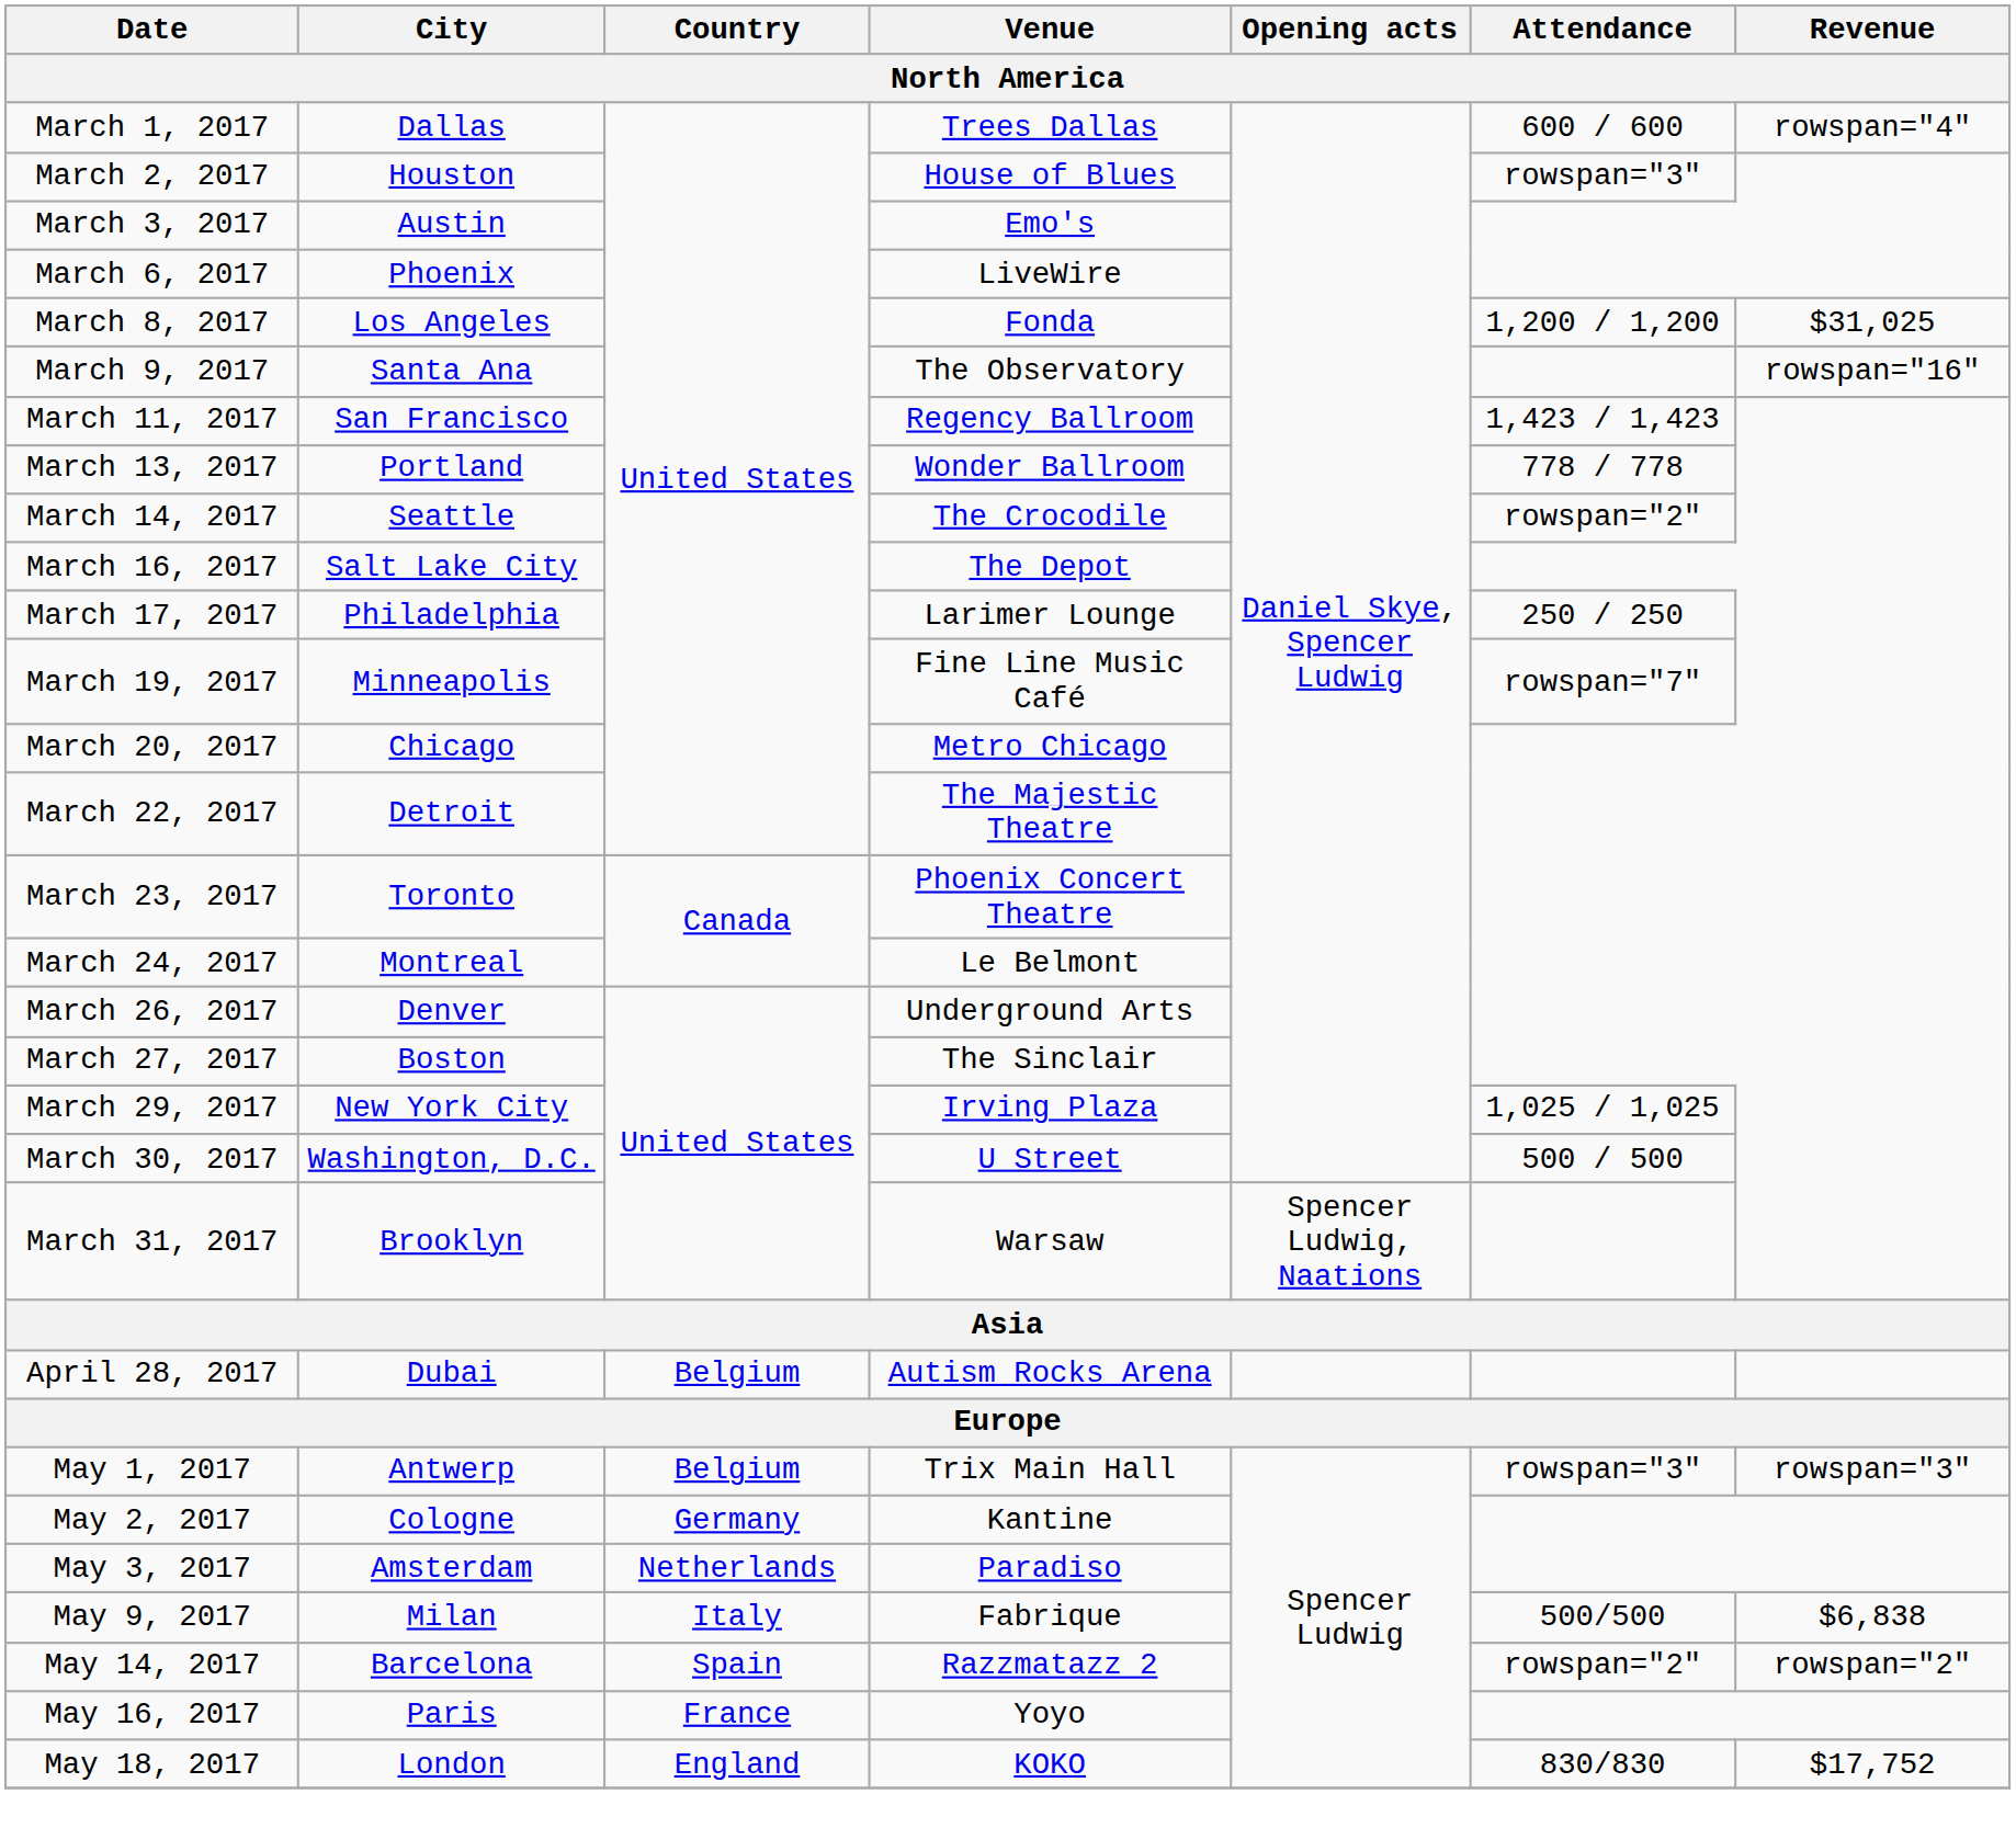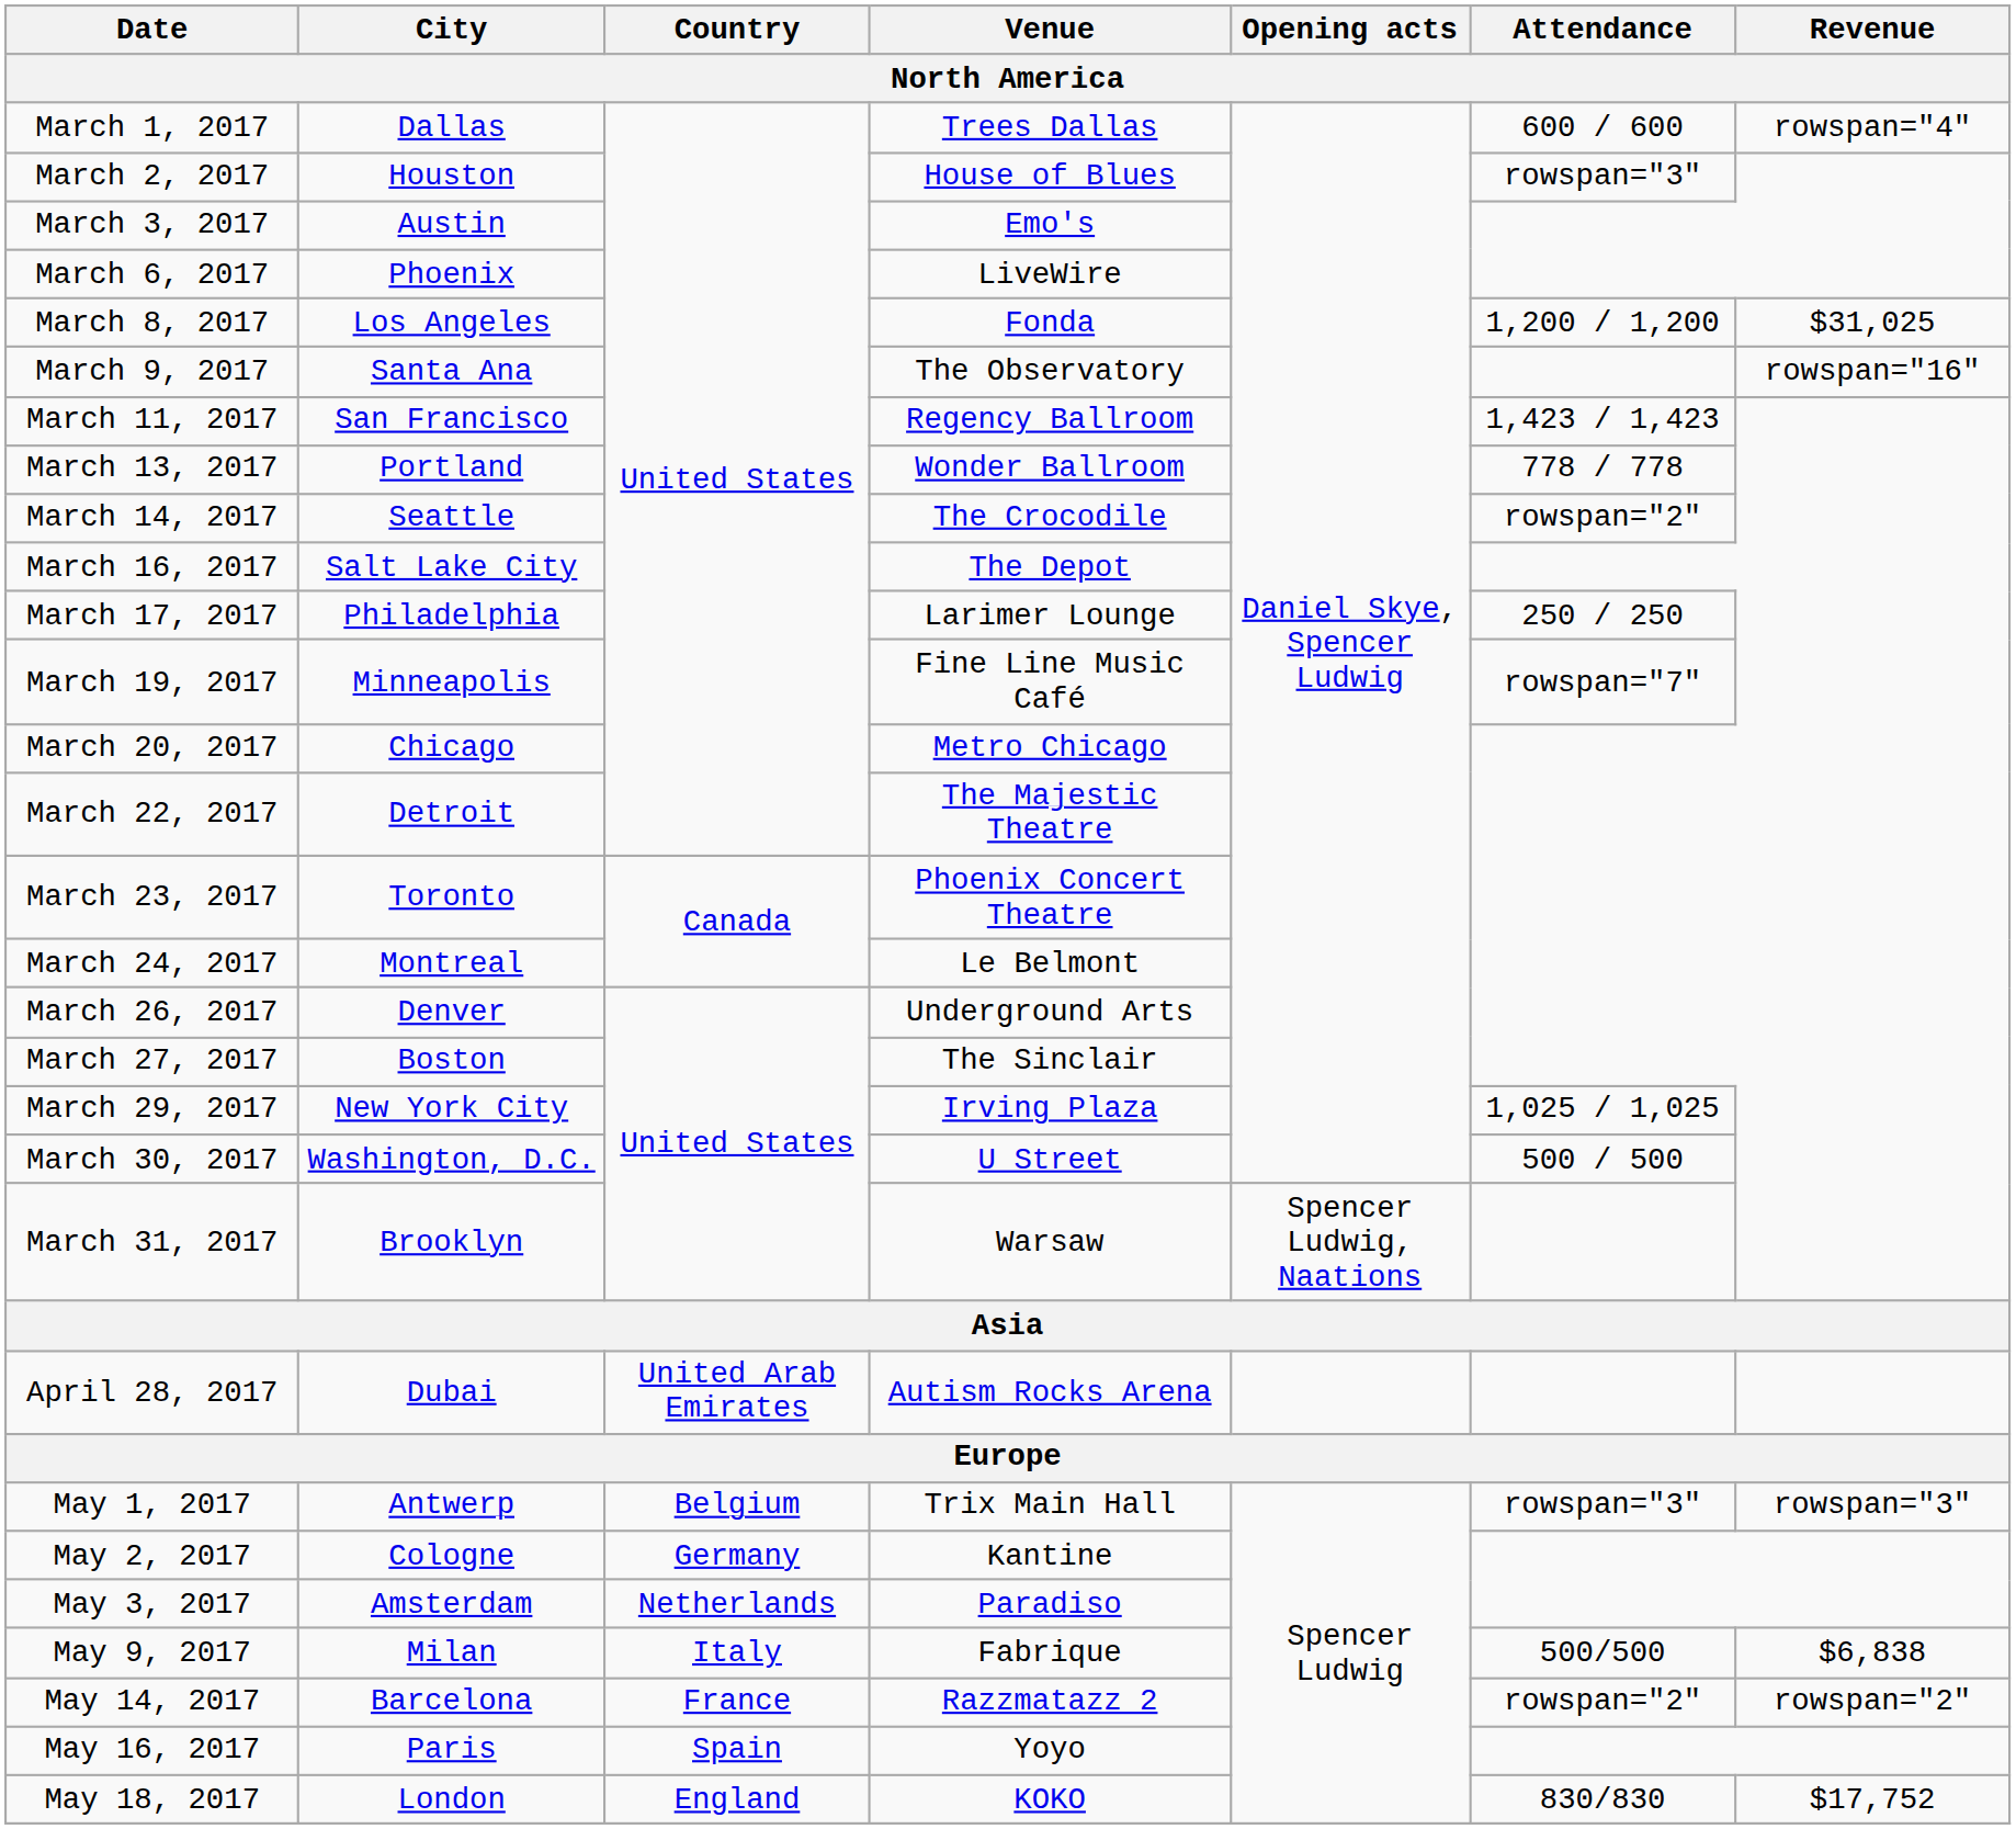 <table class="wikitable" style="text-align:center;">
 <tr>
 <th scope="col" style="width:15em;">Date</th>
 <th scope="col" style="width:12em;">City</th>
 <th scope="col" style="width:10em;">Country</th>
 <th scope="col" style="width:16em;">Venue</th>
 <th scope="col" style="width:10em;">Opening acts</th>
 <th scope="col" style="width:10em;">Attendance</th>
 <th scope="col" style="width:10em;">Revenue</th>
 </tr>
 <tr>
 <th colspan="7">North America</th>
 </tr>
 <tr>
 <td>March 1, 2017</td>
 <td><a href='#'>Dallas</a></td>
 <td rowspan="14"><a href='#'>United States</a></td>
 <td><a href='#'>Trees Dallas</a></td>
 <td rowspan="20"><a href='#'>Daniel Skye</a>, <a href='#'>Spencer Ludwig</a></td>
 <td>600 / 600</td>
 <td>rowspan="4" </td>
 </tr>
 <tr>
 <td>March 2, 2017</td>
 <td><a href='#'>Houston</a></td>
 <td><a href='#'>House of Blues</a></td>
 <td>rowspan="3" </td>
 </tr>
 <tr>
 <td>March 3, 2017</td>
 <td><a href='#'>Austin</a></td>
 <td><a href='#'>Emo's</a></td>
 </tr>
 <tr>
 <td>March 6, 2017</td>
 <td><a href='#'>Phoenix</a></td>
 <td>LiveWire</td>
 </tr>
 <tr>
 <td>March 8, 2017</td>
 <td><a href='#'>Los Angeles</a></td>
 <td><a href='#'>Fonda</a></td>
 <td>1,200 / 1,200</td>
 <td>$31,025</td>
 </tr>
 <tr>
 <td>March 9, 2017</td>
 <td><a href='#'>Santa Ana</a></td>
 <td>The Observatory</td>
 <td></td>
 <td>rowspan="16" </td>
 </tr>
 <tr>
 <td>March 11, 2017</td>
 <td><a href='#'>San Francisco</a></td>
 <td><a href='#'>Regency Ballroom</a></td>
 <td>1,423 / 1,423</td>
 </tr>
 <tr>
 <td>March 13, 2017</td>
 <td><a href='#'>Portland</a></td>
 <td><a href='#'>Wonder Ballroom</a></td>
 <td>778 / 778</td>
 </tr>
 <tr>
 <td>March 14, 2017</td>
 <td><a href='#'>Seattle</a></td>
 <td><a href='#'>The Crocodile</a></td>
 <td>rowspan="2" </td>
 </tr>
 <tr>
 <td>March 16, 2017</td>
 <td><a href='#'>Salt Lake City</a></td>
 <td><a href='#'>The Depot</a></td>
 </tr>
 <tr>
 <td>March 17, 2017</td>
 <td><a href='#'>Philadelphia</a></td>
 <td>Larimer Lounge</td>
 <td>250 / 250</td>
 </tr>
 <tr>
 <td>March 19, 2017</td>
 <td><a href='#'>Minneapolis</a></td>
 <td>Fine Line Music Café</td>
 <td>rowspan="7" </td>
 </tr>
 <tr>
 <td>March 20, 2017</td>
 <td><a href='#'>Chicago</a></td>
 <td><a href='#'>Metro Chicago</a></td>
 </tr>
 <tr>
 <td>March 22, 2017</td>
 <td><a href='#'>Detroit</a></td>
 <td><a href='#'>The Majestic Theatre</a></td>
 </tr>
 <tr>
 <td>March 23, 2017</td>
 <td><a href='#'>Toronto</a></td>
 <td rowspan="2"><a href='#'>Canada</a></td>
 <td><a href='#'>Phoenix Concert Theatre</a></td>
 </tr>
 <tr>
 <td>March 24, 2017</td>
 <td><a href='#'>Montreal</a></td>
 <td>Le Belmont</td>
 </tr>
 <tr>
 <td>March 26, 2017</td>
 <td><a href='#'>Denver</a></td>
 <td rowspan="5"><a href='#'>United States</a></td>
 <td>Underground Arts</td>
 </tr>
 <tr>
 <td>March 27, 2017</td>
 <td><a href='#'>Boston</a></td>
 <td>The Sinclair</td>
 </tr>
 <tr>
 <td>March 29, 2017</td>
 <td><a href='#'>New York City</a></td>
 <td><a href='#'>Irving Plaza</a></td>
 <td>1,025 / 1,025</td>
 </tr>
 <tr>
 <td>March 30, 2017</td>
 <td><a href='#'>Washington, D.C.</a></td>
 <td><a href='#'>U Street</a></td>
 <td>500 / 500</td>
 </tr>
 <tr>
 <td>March 31, 2017</td>
 <td><a href='#'>Brooklyn</a></td>
 <td>Warsaw</td>
 <td>Spencer Ludwig, <a href='#'>Naations</a></td>
 <td></td>
 </tr>
 <tr>
 <th colspan="7">Asia</th>
 </tr>
 <tr>
 <td>April 28, 2017</td>
 <td><a href='#'>Dubai</a></td>
-<td><a href='#'>Belgium</a></td>
+<td><a href='#'>United Arab Emirates</a></td>
 <td><a href='#'>Autism Rocks Arena</a></td>
 <td></td>
 <td></td>
 <td></td>
 </tr>
 <tr>
 <th colspan="7">Europe</th>
 </tr>
 <tr>
 <td>May 1, 2017</td>
 <td><a href='#'>Antwerp</a></td>
 <td><a href='#'>Belgium</a></td>
 <td>Trix Main Hall</td>
 <td rowspan="7">Spencer Ludwig</td>
 <td>rowspan="3" </td>
 <td>rowspan="3" </td>
 </tr>
 <tr>
 <td>May 2, 2017</td>
 <td><a href='#'>Cologne</a></td>
 <td><a href='#'>Germany</a></td>
 <td>Kantine</td>
 </tr>
 <tr>
 <td>May 3, 2017</td>
 <td><a href='#'>Amsterdam</a></td>
 <td><a href='#'>Netherlands</a></td>
 <td><a href='#'>Paradiso</a></td>
 </tr>
 <tr>
 <td>May 9, 2017</td>
 <td><a href='#'>Milan</a></td>
 <td><a href='#'>Italy</a></td>
 <td>Fabrique</td>
 <td>500/500</td>
 <td>$6,838</td>
 </tr>
 <tr>
 <td>May 14, 2017</td>
 <td><a href='#'>Barcelona</a></td>
-<td><a href='#'>Spain</a></td>
+<td><a href='#'>France</a></td>
 <td><a href='#'>Razzmatazz 2</a></td>
 <td>rowspan="2" </td>
 <td>rowspan="2" </td>
 </tr>
 <tr>
 <td>May 16, 2017</td>
 <td><a href='#'>Paris</a></td>
-<td><a href='#'>France</a></td>
+<td><a href='#'>Spain</a></td>
 <td>Yoyo</td>
 </tr>
 <tr>
 <td>May 18, 2017</td>
 <td><a href='#'>London</a></td>
 <td><a href='#'>England</a></td>
 <td><a href='#'>KOKO</a></td>
 <td>830/830</td>
 <td>$17,752</td>
 </tr>
 <tr>
 </tr>
 </table>
